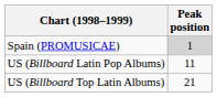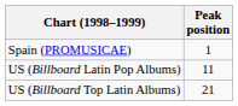 <table class="wikitable sortable" border="1">
 <tr>
 <th>Chart (1998–1999)</th>
 <th>Peak<br>position</th>
 </tr>
 <tr>
 <td>Spain (<a href='#'>PROMUSICAE</a>)</td>
-<td style="background: lightgrey; text-align:center;">1</td>
+<td style="text-align:center;">1</td>
 </tr>
 <tr>
 <td>US (<em>Billboard</em> Latin Pop Albums)</td>
 <td style="text-align:center;">11</td>
 </tr>
 <tr>
 <td>US (<em>Billboard</em> Top Latin Albums)</td>
 <td style="text-align:center;">21</td>
 </tr>
 </table>
